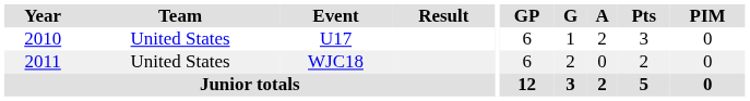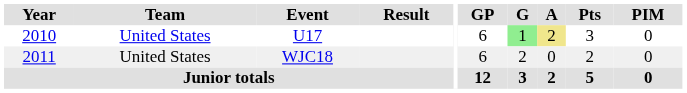 <table border="0" cellpadding="1" cellspacing="0" ID="Table3" style="text-align:center; width:40em">
 <tr ALIGN="center" bgcolor="#e0e0e0">
 <th>Year</th>
 <th>Team</th>
 <th>Event</th>
 <th>Result</th>
 <th rowspan="99" bgcolor="#ffffff"></th>
 <th>GP</th>
 <th>G</th>
 <th>A</th>
 <th>Pts</th>
 <th>PIM</th>
 </tr>
 <tr>
 <td><a href='#'>2010</a></td>
 <td><a href='#'>United States</a></td>
 <td><a href='#'>U17</a></td>
 <td></td>
 <td>6</td>
-<td>1</td>
-<td>2</td>
+<td style="background: lightgreen;">1</td>
+<td style="background: khaki;">2</td>
 <td>3</td>
 <td>0</td>
 </tr>
 <tr bgcolor="#f0f0f0">
 <td><a href='#'>2011</a></td>
 <td>United States</td>
 <td><a href='#'>WJC18</a></td>
 <td></td>
 <td>6</td>
 <td>2</td>
 <td>0</td>
 <td>2</td>
 <td>0</td>
 </tr>
 <tr bgcolor="#e0e0e0">
 <th colspan="4">Junior totals</th>
 <th>12</th>
 <th>3</th>
 <th>2</th>
 <th>5</th>
 <th>0</th>
 </tr>
 </table>
